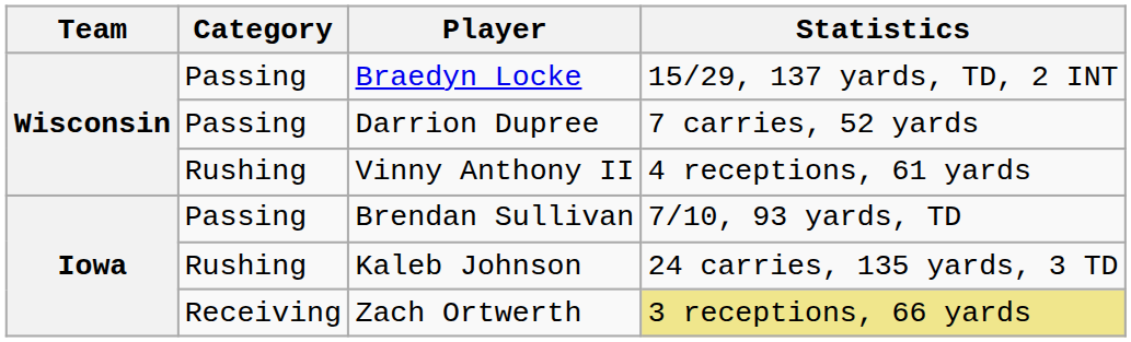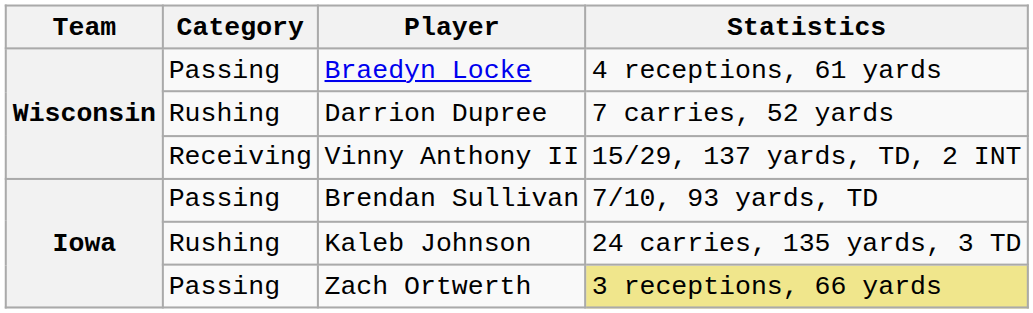 <table class="wikitable" style="float:right">
 <tr>
 <th>Team</th>
 <th>Category</th>
 <th>Player</th>
 <th>Statistics</th>
 </tr>
 <tr>
 <th rowspan=3>Wisconsin</th>
 <td>Passing</td>
 <td><a href='#'>Braedyn Locke</a></td>
-<td>15/29, 137 yards, TD, 2 INT</td>
+<td>4 receptions, 61 yards</td>
 </tr>
 <tr>
-<td>Passing</td>
+<td>Rushing</td>
 <td>Darrion Dupree</td>
 <td>7 carries, 52 yards</td>
 </tr>
 <tr>
-<td>Rushing</td>
+<td>Receiving</td>
 <td>Vinny Anthony II</td>
-<td>4 receptions, 61 yards</td>
+<td>15/29, 137 yards, TD, 2 INT</td>
 </tr>
 <tr>
 <th rowspan=3>Iowa</th>
 <td>Passing</td>
 <td>Brendan Sullivan</td>
 <td>7/10, 93 yards, TD</td>
 </tr>
 <tr>
 <td>Rushing</td>
 <td>Kaleb Johnson</td>
 <td>24 carries, 135 yards, 3 TD</td>
 </tr>
 <tr>
-<td>Receiving</td>
+<td>Passing</td>
 <td>Zach Ortwerth</td>
 <td style="background: khaki;">3 receptions, 66 yards</td>
 </tr>
 </table>
